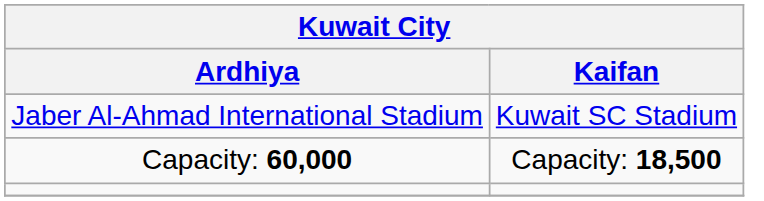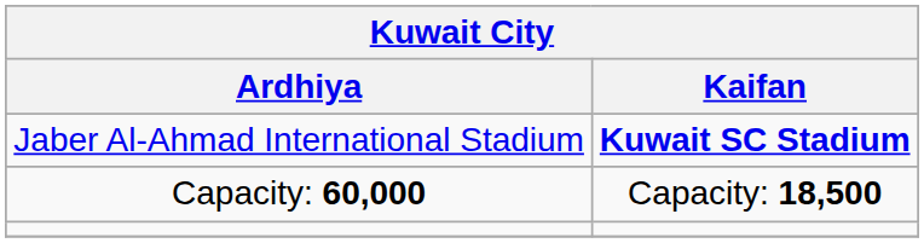 <table class="wikitable" style="text-align:center">
 <tr>
 <th colspan=2> <a href='#'>Kuwait City</a></th>
 </tr>
 <tr>
 <th><a href='#'>Ardhiya</a></th>
 <th><a href='#'>Kaifan</a></th>
 </tr>
 <tr>
 <td><a href='#'>Jaber Al-Ahmad International Stadium</a></td>
-<td><a href='#'>Kuwait SC Stadium</a></td>
+<td><strong><a href='#'>Kuwait SC Stadium</a></strong></td>
 </tr>
 <tr>
 <td>Capacity: <strong>60,000</strong></td>
 <td>Capacity: <strong>18,500</strong></td>
 </tr>
 <tr>
 <td></td>
 <td></td>
 </tr>
 <tr>
 </tr>
 </table>
